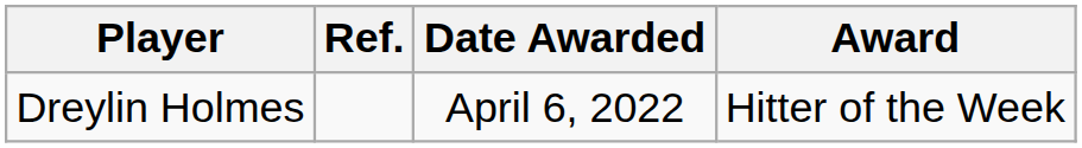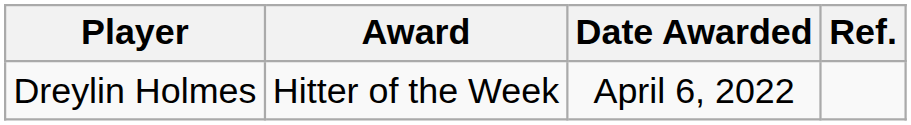 <table class="wikitable sortable sortable" style="text-align: center">
 <tr align=center>
 <th>Player</th>
+<th>Award</th>
+<th>Date Awarded</th>
 <th>Ref.</th>
-<th>Date Awarded</th>
-<th>Award</th>
 </tr>
 <tr>
 <td>Dreylin Holmes</td>
+<td rowspan="1">Hitter of the Week</td>
+<td rowspan="1">April 6, 2022</td>
 <td rowspan="1"></td>
-<td rowspan="1">April 6, 2022</td>
-<td rowspan="1">Hitter of the Week</td>
 </tr>
 </table>
